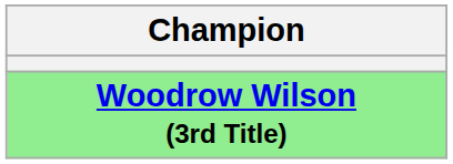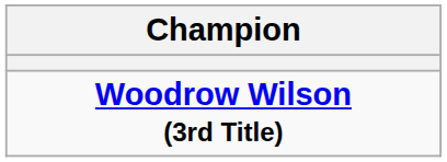 <table class="wikitable" style="margin: 0 auto; width: 220px;">
 <tr>
 <th>Champion</th>
 </tr>
 <tr>
 <th></th>
 </tr>
 <tr>
-<td align="center" style="background: lightgreen;"><strong><a href='#'>Woodrow Wilson</a></strong><br><small><strong>(3rd Title)</strong></small></td>
+<td align="center"><strong><a href='#'>Woodrow Wilson</a></strong><br><small><strong>(3rd Title)</strong></small></td>
 </tr>
 </table>
